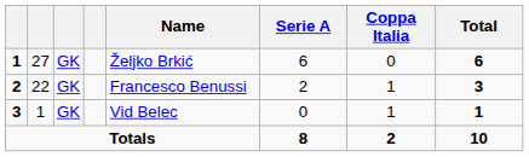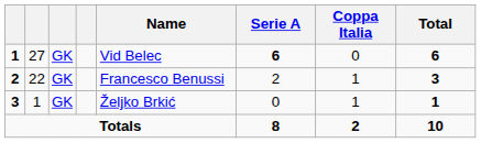 <table class="wikitable" style="text-align:center">
 <tr>
 <th width=15></th>
 <th width=15></th>
 <th width=15></th>
 <th width=15></th>
 <th width=145>Name</th>
 <th width=80><a href='#'>Serie A</a></th>
 <th width=80><a href='#'>Coppa Italia</a></th>
 <th width=80>Total</th>
 </tr>
 <tr>
 <td><strong>1</strong></td>
 <td>27</td>
 <td><a href='#'>GK</a></td>
 <td></td>
-<td align=left><a href='#'>Željko Brkić</a></td>
-<td>6</td>
+<td align=left><a href='#'>Vid Belec</a></td>
+<td><strong>6</strong></td>
 <td>0</td>
 <td><strong>6</strong></td>
 </tr>
 <tr>
 <td><strong>2</strong></td>
 <td>22</td>
 <td><a href='#'>GK</a></td>
 <td></td>
 <td align=left><a href='#'>Francesco Benussi</a></td>
 <td>2</td>
 <td>1</td>
 <td><strong>3</strong></td>
 </tr>
 <tr>
 <td><strong>3</strong></td>
 <td>1</td>
 <td><a href='#'>GK</a></td>
 <td></td>
-<td align=left><a href='#'>Vid Belec</a></td>
+<td align=left><a href='#'>Željko Brkić</a></td>
 <td>0</td>
 <td>1</td>
 <td><strong>1</strong></td>
 </tr>
 <tr>
 <td colspan=5><strong>Totals</strong></td>
 <td><strong>8</strong></td>
 <td><strong>2</strong></td>
 <td><strong>10</strong></td>
 </tr>
 </table>
